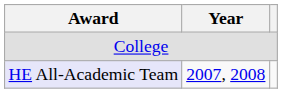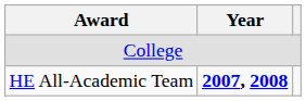 <table class="wikitable">
 <tr>
 <th>Award</th>
 <th>Year</th>
 <th></th>
 </tr>
 <tr ALIGN="center" bgcolor="#e0e0e0">
 <td colspan="3"><a href='#'>College</a></td>
 </tr>
 <tr>
-<td style="background: lavender;"><a href='#'>HE</a> All-Academic Team</td>
-<td><a href='#'>2007</a>, <a href='#'>2008</a></td>
+<td><a href='#'>HE</a> All-Academic Team</td>
+<td><strong><a href='#'>2007</a>, <a href='#'>2008</a></strong></td>
 <td></td>
 </tr>
 </table>
